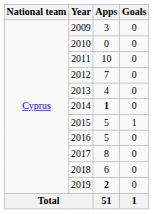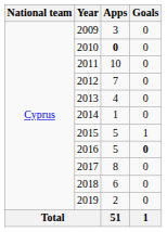 <table class=wikitable style=text-align:center>
 <tr>
 <th>National team</th>
 <th>Year</th>
 <th>Apps</th>
 <th>Goals</th>
 </tr>
 <tr>
 <td rowspan=11><a href='#'>Cyprus</a></td>
 <td>2009</td>
 <td>3</td>
 <td>0</td>
 </tr>
 <tr>
 <td>2010</td>
-<td>0</td>
+<td><strong>0</strong></td>
 <td>0</td>
 </tr>
 <tr>
 <td>2011</td>
 <td>10</td>
 <td>0</td>
 </tr>
 <tr>
 <td>2012</td>
 <td>7</td>
 <td>0</td>
 </tr>
 <tr>
 <td>2013</td>
 <td>4</td>
 <td>0</td>
 </tr>
 <tr>
 <td>2014</td>
-<td><strong>1</strong></td>
+<td>1</td>
 <td>0</td>
 </tr>
 <tr>
 <td>2015</td>
 <td>5</td>
 <td>1</td>
 </tr>
 <tr>
 <td>2016</td>
 <td>5</td>
-<td>0</td>
+<td><strong>0</strong></td>
 </tr>
 <tr>
 <td>2017</td>
 <td>8</td>
 <td>0</td>
 </tr>
 <tr>
 <td>2018</td>
 <td>6</td>
 <td>0</td>
 </tr>
 <tr>
 <td>2019</td>
-<td><strong>2</strong></td>
+<td>2</td>
 <td>0</td>
 </tr>
 <tr>
 <th colspan=2>Total</th>
 <th>51</th>
 <th>1</th>
 </tr>
 </table>
